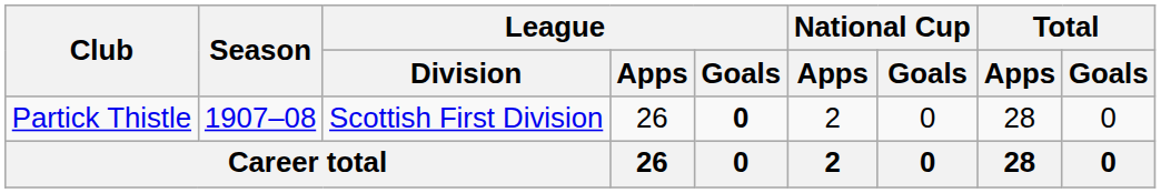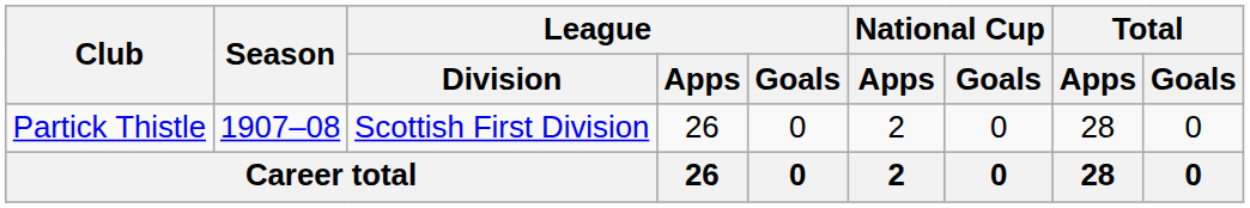 <table class="wikitable" style="text-align:center">
 <tr>
 <th rowspan="2">Club</th>
 <th rowspan="2">Season</th>
 <th colspan="3">League</th>
 <th colspan="2">National Cup</th>
 <th colspan="2">Total</th>
 </tr>
 <tr>
 <th>Division</th>
 <th>Apps</th>
 <th>Goals</th>
 <th>Apps</th>
 <th>Goals</th>
 <th>Apps</th>
 <th>Goals</th>
 </tr>
 <tr>
 <td><a href='#'>Partick Thistle</a></td>
 <td><a href='#'>1907–08</a></td>
 <td><a href='#'>Scottish First Division</a></td>
 <td>26</td>
-<td><strong>0</strong></td>
+<td>0</td>
 <td>2</td>
 <td>0</td>
 <td>28</td>
 <td>0</td>
 </tr>
 <tr>
 <th colspan="3">Career total</th>
 <th>26</th>
 <th>0</th>
 <th>2</th>
 <th>0</th>
 <th>28</th>
 <th>0</th>
 </tr>
 </table>
